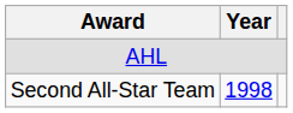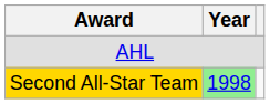 <table class="wikitable">
 <tr>
 <th>Award</th>
 <th>Year</th>
 <th></th>
 </tr>
 <tr ALIGN="center" bgcolor="#e0e0e0">
 <td colspan="3"><a href='#'>AHL</a></td>
 </tr>
 <tr>
-<td>Second All-Star Team</td>
-<td><a href='#'>1998</a></td>
+<td style="background: gold;">Second All-Star Team</td>
+<td style="background: lightgreen;"><a href='#'>1998</a></td>
 <td></td>
 </tr>
 </table>
